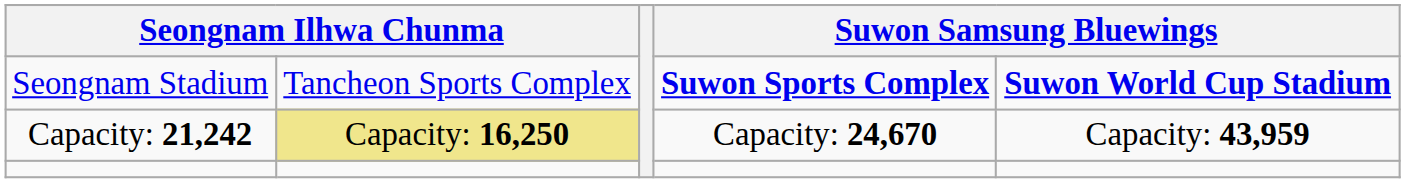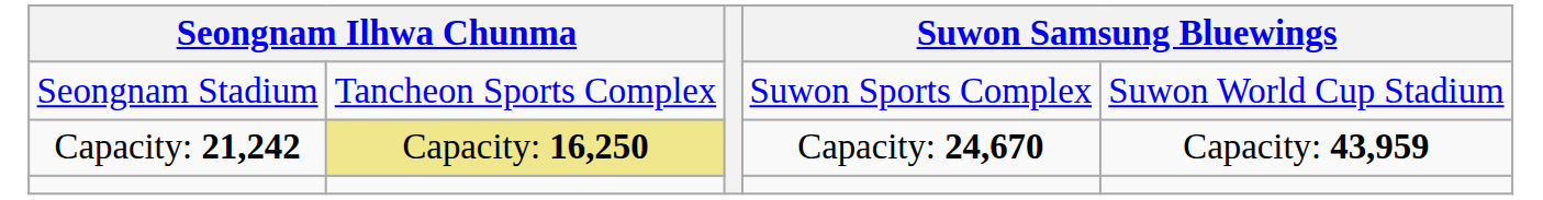 <table class="wikitable" style="text-align:center;margin: 1em auto;">
 <tr>
 <th colspan=2><a href='#'>Seongnam Ilhwa Chunma</a></th>
 <th rowspan=8></th>
 <th colspan=2><a href='#'>Suwon Samsung Bluewings</a></th>
 </tr>
 <tr>
 <td><a href='#'>Seongnam Stadium</a></td>
 <td><a href='#'>Tancheon Sports Complex</a></td>
-<td><strong><a href='#'>Suwon Sports Complex</a></strong></td>
-<td><strong><a href='#'>Suwon World Cup Stadium</a></strong></td>
+<td><a href='#'>Suwon Sports Complex</a></td>
+<td><a href='#'>Suwon World Cup Stadium</a></td>
 </tr>
 <tr>
 <td>Capacity: <strong>21,242</strong></td>
 <td style="background: khaki;">Capacity: <strong>16,250</strong></td>
 <td>Capacity: <strong>24,670</strong></td>
 <td>Capacity: <strong>43,959</strong></td>
 </tr>
 <tr>
 <td></td>
 <td></td>
 <td></td>
 <td></td>
 </tr>
 </table>
